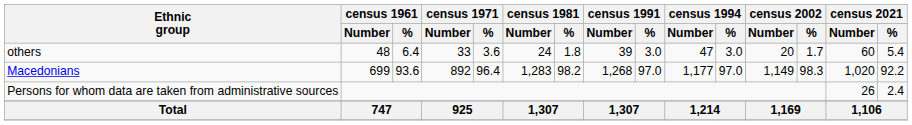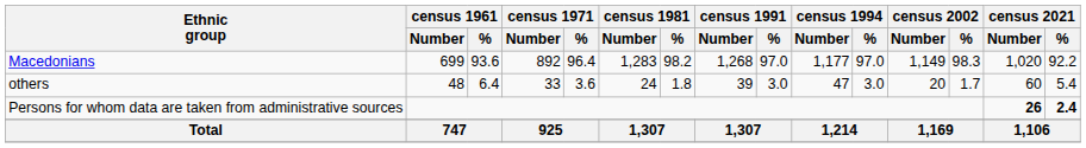 <table class="wikitable">
 <tr>
 <th rowspan="2">Ethnic<br>group</th>
 <th colspan="2">census 1961</th>
 <th colspan="2">census 1971</th>
 <th colspan="2">census 1981</th>
 <th colspan="2">census 1991</th>
 <th colspan="2">census 1994</th>
 <th colspan="2">census 2002</th>
 <th colspan="2">census 2021</th>
 </tr>
 <tr bgcolor="#e0e0e0">
 <th>Number</th>
 <th>%</th>
 <th>Number</th>
 <th>%</th>
 <th>Number</th>
 <th>%</th>
 <th>Number</th>
 <th>%</th>
 <th>Number</th>
 <th>%</th>
 <th>Number</th>
 <th>%</th>
 <th>Number</th>
 <th>%</th>
 </tr>
 <tr>
+<td><a href='#'>Macedonians</a></td>
+<td align="right">699</td>
+<td align="right">93.6</td>
+<td align="right">892</td>
+<td align="right">96.4</td>
+<td align="right">1,283</td>
+<td align="right">98.2</td>
+<td align="right">1,268</td>
+<td align="right">97.0</td>
+<td align="right">1,177</td>
+<td align="right">97.0</td>
+<td align="right">1,149</td>
+<td align="right">98.3</td>
+<td align="right">1,020</td>
+<td align="right">92.2</td>
+</tr>
+<tr>
 <td>others</td>
 <td align="right">48</td>
 <td align="right">6.4</td>
 <td align="right">33</td>
 <td align="right">3.6</td>
 <td align="right">24</td>
 <td align="right">1.8</td>
 <td align="right">39</td>
 <td align="right">3.0</td>
 <td align="right">47</td>
 <td align="right">3.0</td>
 <td align="right">20</td>
 <td align="right">1.7</td>
 <td align="right">60</td>
 <td align="right">5.4</td>
 </tr>
 <tr>
-<td><a href='#'>Macedonians</a></td>
-<td align="right">699</td>
-<td align="right">93.6</td>
-<td align="right">892</td>
-<td align="right">96.4</td>
-<td align="right">1,283</td>
-<td align="right">98.2</td>
-<td align="right">1,268</td>
-<td align="right">97.0</td>
-<td align="right">1,177</td>
-<td align="right">97.0</td>
-<td align="right">1,149</td>
-<td align="right">98.3</td>
-<td align="right">1,020</td>
-<td align="right">92.2</td>
-</tr>
-<tr>
 <td>Persons for whom data are taken from administrative sources</td>
 <td colspan="12"></td>
-<td align="right">26</td>
-<td align="right">2.4</td>
+<td align="right"><strong>26</strong></td>
+<td align="right"><strong>2.4</strong></td>
 </tr>
 <tr>
 </tr>
 <tr bgcolor="#e0e0e0">
 <th align="left">Total</th>
 <th colspan="2">747</th>
 <th colspan="2">925</th>
 <th colspan="2">1,307</th>
 <th colspan="2">1,307</th>
 <th colspan="2">1,214</th>
 <th colspan="2">1,169</th>
 <th colspan="2">1,106</th>
 </tr>
 <tr>
 </tr>
 </table>
